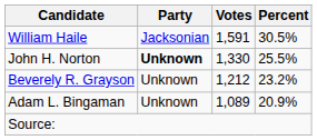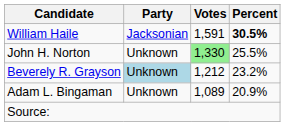 <table class=wikitable>
 <tr>
 <th>Candidate</th>
 <th>Party</th>
 <th>Votes</th>
 <th>Percent</th>
 </tr>
 <tr>
 <td><a href='#'>William Haile</a></td>
 <td><a href='#'>Jacksonian</a></td>
 <td>1,591</td>
-<td>30.5%</td>
+<td><strong>30.5%</strong></td>
 </tr>
 <tr>
 <td>John H. Norton</td>
-<td><strong>Unknown</strong></td>
-<td>1,330</td>
+<td>Unknown</td>
+<td style="background: lightgreen;">1,330</td>
 <td>25.5%</td>
 </tr>
 <tr>
 <td><a href='#'>Beverely R. Grayson</a></td>
-<td>Unknown</td>
+<td style="background: lightblue;">Unknown</td>
 <td>1,212</td>
 <td>23.2%</td>
 </tr>
 <tr>
 <td>Adam L. Bingaman</td>
 <td>Unknown</td>
 <td>1,089</td>
 <td>20.9%</td>
 </tr>
 <tr>
 <td colspan="4">Source: </td>
 </tr>
 </table>
